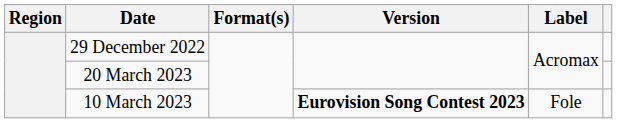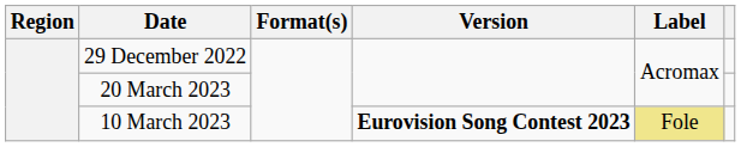 <table class="wikitable plainrowheaders" style="text-align:center">
 <tr>
 <th scope="col">Region</th>
 <th scope="col">Date</th>
 <th scope="col">Format(s)</th>
 <th scope="col">Version</th>
 <th scope="col">Label</th>
 <th scope="col"></th>
 </tr>
 <tr>
 <th rowspan="3" scope="row"></th>
 <td>29 December 2022</td>
 <td rowspan="3"></td>
 <td rowspan="2"></td>
 <td rowspan="2">Acromax</td>
 <td></td>
 </tr>
 <tr>
 <td>20 March 2023</td>
 <td></td>
 </tr>
 <tr>
 <td>10 March 2023</td>
 <td><strong>Eurovision Song Contest 2023</strong></td>
-<td>Fole</td>
+<td style="background: khaki;">Fole</td>
 <td></td>
 </tr>
 </table>
